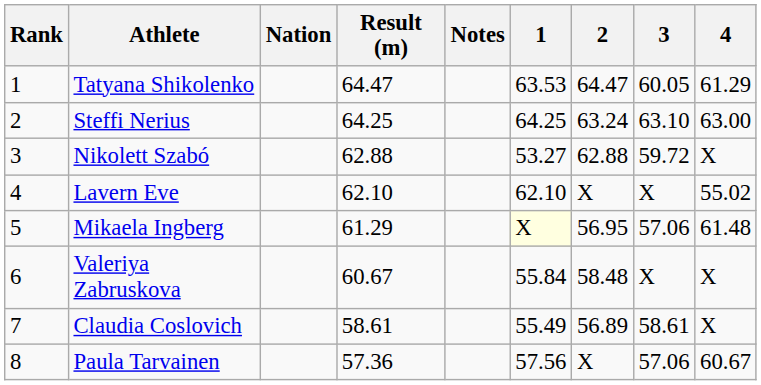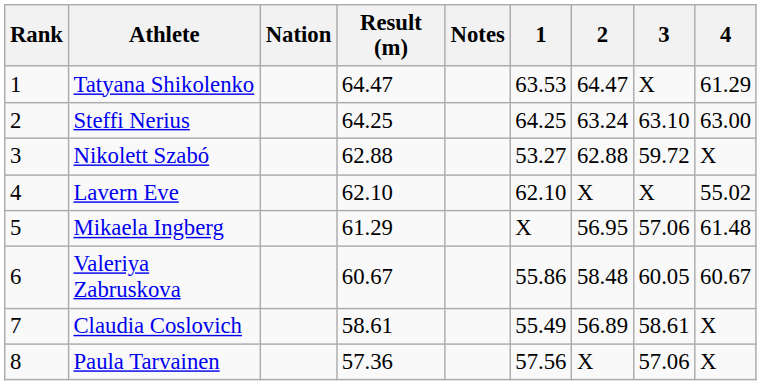 <table class="wikitable" style="text=align:center;" width=85%>
 <tr>
 <th>Rank</th>
 <th>Athlete</th>
 <th>Nation</th>
 <th>Result (m)</th>
 <th>Notes</th>
 <th>1</th>
 <th>2</th>
 <th>3</th>
 <th>4</th>
 </tr>
 <tr>
 <td>1</td>
 <td><a href='#'>Tatyana Shikolenko</a></td>
 <td></td>
 <td>64.47</td>
 <td></td>
 <td>63.53</td>
 <td>64.47</td>
-<td>60.05</td>
+<td>X</td>
 <td>61.29</td>
 </tr>
 <tr>
 <td>2</td>
 <td><a href='#'>Steffi Nerius</a></td>
 <td></td>
 <td>64.25</td>
 <td></td>
 <td>64.25</td>
 <td>63.24</td>
 <td>63.10</td>
 <td>63.00</td>
 </tr>
 <tr>
 <td>3</td>
 <td><a href='#'>Nikolett Szabó</a></td>
 <td></td>
 <td>62.88</td>
 <td></td>
 <td>53.27</td>
 <td>62.88</td>
 <td>59.72</td>
 <td>X</td>
 </tr>
 <tr>
 <td>4</td>
 <td><a href='#'>Lavern Eve</a></td>
 <td></td>
 <td>62.10</td>
 <td></td>
 <td>62.10</td>
 <td>X</td>
 <td>X</td>
 <td>55.02</td>
 </tr>
 <tr>
 <td>5</td>
 <td><a href='#'>Mikaela Ingberg</a></td>
 <td></td>
 <td>61.29</td>
 <td></td>
-<td style="background: lightyellow;">X</td>
+<td>X</td>
 <td>56.95</td>
 <td>57.06</td>
 <td>61.48</td>
 </tr>
 <tr>
 <td>6</td>
 <td><a href='#'>Valeriya Zabruskova</a></td>
 <td></td>
 <td>60.67</td>
 <td></td>
-<td>55.84</td>
+<td>55.86</td>
 <td>58.48</td>
-<td>X</td>
-<td>X</td>
+<td>60.05</td>
+<td>60.67</td>
 </tr>
 <tr>
 <td>7</td>
 <td><a href='#'>Claudia Coslovich</a></td>
 <td></td>
 <td>58.61</td>
 <td></td>
 <td>55.49</td>
 <td>56.89</td>
 <td>58.61</td>
 <td>X</td>
 </tr>
 <tr>
 <td>8</td>
 <td><a href='#'>Paula Tarvainen</a></td>
 <td></td>
 <td>57.36</td>
 <td></td>
 <td>57.56</td>
 <td>X</td>
 <td>57.06</td>
-<td>60.67</td>
+<td>X</td>
 </tr>
 </table>
